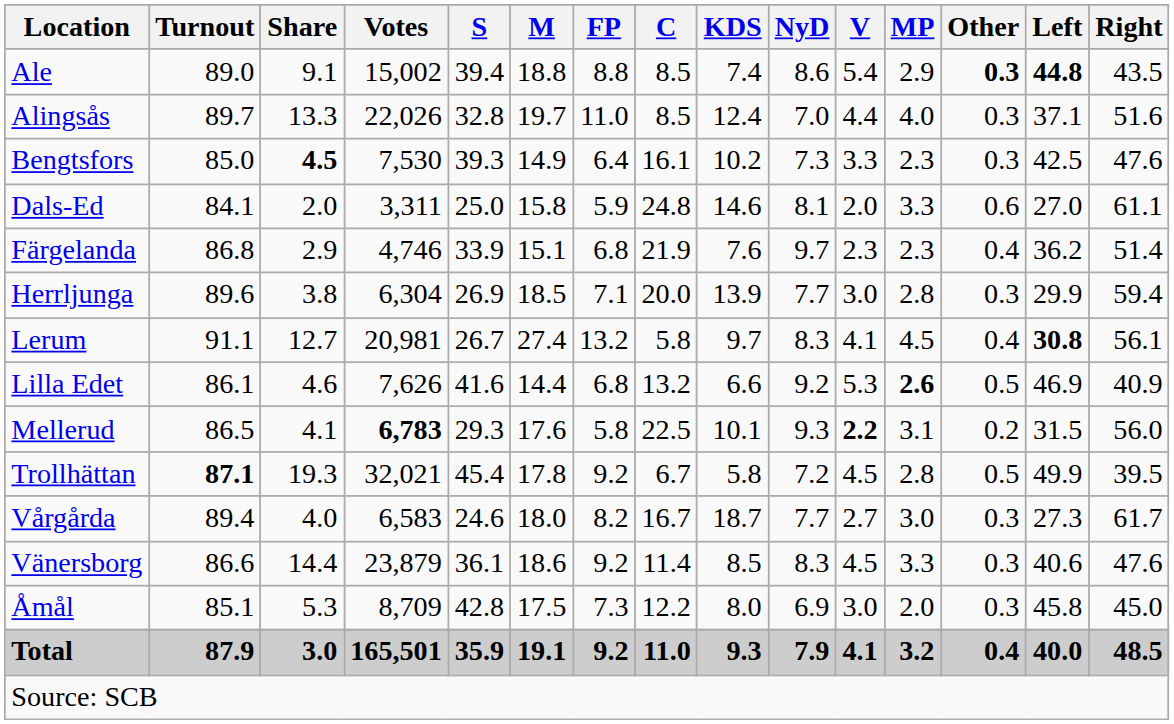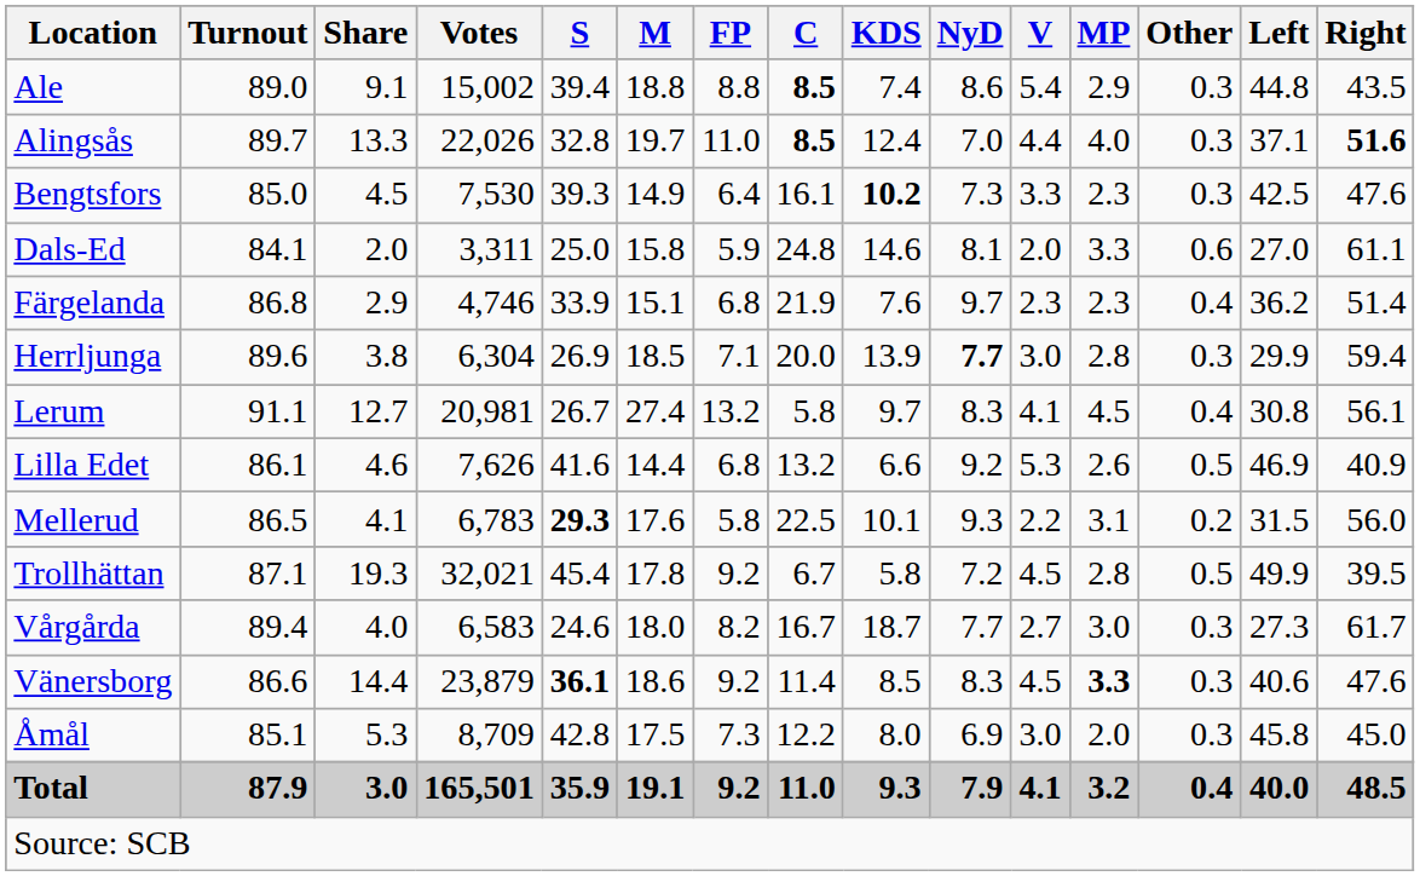 <table class="wikitable sortable" style=text-align:right>
 <tr>
 <th>Location</th>
 <th>Turnout</th>
 <th>Share</th>
 <th>Votes</th>
 <th><a href='#'>S</a></th>
 <th><a href='#'>M</a></th>
 <th><a href='#'>FP</a></th>
 <th><a href='#'>C</a></th>
 <th><a href='#'>KDS</a></th>
 <th><a href='#'>NyD</a></th>
 <th><a href='#'>V</a></th>
 <th><a href='#'>MP</a></th>
 <th>Other</th>
 <th>Left</th>
 <th>Right</th>
 </tr>
 <tr>
 <td align=left><a href='#'>Ale</a></td>
 <td>89.0</td>
 <td>9.1</td>
 <td>15,002</td>
 <td>39.4</td>
 <td>18.8</td>
 <td>8.8</td>
-<td>8.5</td>
+<td><strong>8.5</strong></td>
 <td>7.4</td>
 <td>8.6</td>
 <td>5.4</td>
 <td>2.9</td>
-<td><strong>0.3</strong></td>
-<td><strong>44.8</strong></td>
+<td>0.3</td>
+<td>44.8</td>
 <td>43.5</td>
 </tr>
 <tr>
 <td align=left><a href='#'>Alingsås</a></td>
 <td>89.7</td>
 <td>13.3</td>
 <td>22,026</td>
 <td>32.8</td>
 <td>19.7</td>
 <td>11.0</td>
-<td>8.5</td>
+<td><strong>8.5</strong></td>
 <td>12.4</td>
 <td>7.0</td>
 <td>4.4</td>
 <td>4.0</td>
 <td>0.3</td>
 <td>37.1</td>
-<td>51.6</td>
+<td><strong>51.6</strong></td>
 </tr>
 <tr>
 <td align=left><a href='#'>Bengtsfors</a></td>
 <td>85.0</td>
-<td><strong>4.5</strong></td>
+<td>4.5</td>
 <td>7,530</td>
 <td>39.3</td>
 <td>14.9</td>
 <td>6.4</td>
 <td>16.1</td>
-<td>10.2</td>
+<td><strong>10.2</strong></td>
 <td>7.3</td>
 <td>3.3</td>
 <td>2.3</td>
 <td>0.3</td>
 <td>42.5</td>
 <td>47.6</td>
 </tr>
 <tr>
 <td align=left><a href='#'>Dals-Ed</a></td>
 <td>84.1</td>
 <td>2.0</td>
 <td>3,311</td>
 <td>25.0</td>
 <td>15.8</td>
 <td>5.9</td>
 <td>24.8</td>
 <td>14.6</td>
 <td>8.1</td>
 <td>2.0</td>
 <td>3.3</td>
 <td>0.6</td>
 <td>27.0</td>
 <td>61.1</td>
 </tr>
 <tr>
 <td align=left><a href='#'>Färgelanda</a></td>
 <td>86.8</td>
 <td>2.9</td>
 <td>4,746</td>
 <td>33.9</td>
 <td>15.1</td>
 <td>6.8</td>
 <td>21.9</td>
 <td>7.6</td>
 <td>9.7</td>
 <td>2.3</td>
 <td>2.3</td>
 <td>0.4</td>
 <td>36.2</td>
 <td>51.4</td>
 </tr>
 <tr>
 <td align=left><a href='#'>Herrljunga</a></td>
 <td>89.6</td>
 <td>3.8</td>
 <td>6,304</td>
 <td>26.9</td>
 <td>18.5</td>
 <td>7.1</td>
 <td>20.0</td>
 <td>13.9</td>
-<td>7.7</td>
+<td><strong>7.7</strong></td>
 <td>3.0</td>
 <td>2.8</td>
 <td>0.3</td>
 <td>29.9</td>
 <td>59.4</td>
 </tr>
 <tr>
 <td align=left><a href='#'>Lerum</a></td>
 <td>91.1</td>
 <td>12.7</td>
 <td>20,981</td>
 <td>26.7</td>
 <td>27.4</td>
 <td>13.2</td>
 <td>5.8</td>
 <td>9.7</td>
 <td>8.3</td>
 <td>4.1</td>
 <td>4.5</td>
 <td>0.4</td>
-<td><strong>30.8</strong></td>
+<td>30.8</td>
 <td>56.1</td>
 </tr>
 <tr>
 <td align=left><a href='#'>Lilla Edet</a></td>
 <td>86.1</td>
 <td>4.6</td>
 <td>7,626</td>
 <td>41.6</td>
 <td>14.4</td>
 <td>6.8</td>
 <td>13.2</td>
 <td>6.6</td>
 <td>9.2</td>
 <td>5.3</td>
-<td><strong>2.6</strong></td>
+<td>2.6</td>
 <td>0.5</td>
 <td>46.9</td>
 <td>40.9</td>
 </tr>
 <tr>
 <td align=left><a href='#'>Mellerud</a></td>
 <td>86.5</td>
 <td>4.1</td>
-<td><strong>6,783</strong></td>
-<td>29.3</td>
+<td>6,783</td>
+<td><strong>29.3</strong></td>
 <td>17.6</td>
 <td>5.8</td>
 <td>22.5</td>
 <td>10.1</td>
 <td>9.3</td>
-<td><strong>2.2</strong></td>
+<td>2.2</td>
 <td>3.1</td>
 <td>0.2</td>
 <td>31.5</td>
 <td>56.0</td>
 </tr>
 <tr>
 <td align=left><a href='#'>Trollhättan</a></td>
-<td><strong>87.1</strong></td>
+<td>87.1</td>
 <td>19.3</td>
 <td>32,021</td>
 <td>45.4</td>
 <td>17.8</td>
 <td>9.2</td>
 <td>6.7</td>
 <td>5.8</td>
 <td>7.2</td>
 <td>4.5</td>
 <td>2.8</td>
 <td>0.5</td>
 <td>49.9</td>
 <td>39.5</td>
 </tr>
 <tr>
 <td align=left><a href='#'>Vårgårda</a></td>
 <td>89.4</td>
 <td>4.0</td>
 <td>6,583</td>
 <td>24.6</td>
 <td>18.0</td>
 <td>8.2</td>
 <td>16.7</td>
 <td>18.7</td>
 <td>7.7</td>
 <td>2.7</td>
 <td>3.0</td>
 <td>0.3</td>
 <td>27.3</td>
 <td>61.7</td>
 </tr>
 <tr>
 <td align=left><a href='#'>Vänersborg</a></td>
 <td>86.6</td>
 <td>14.4</td>
 <td>23,879</td>
-<td>36.1</td>
+<td><strong>36.1</strong></td>
 <td>18.6</td>
 <td>9.2</td>
 <td>11.4</td>
 <td>8.5</td>
 <td>8.3</td>
 <td>4.5</td>
-<td>3.3</td>
+<td><strong>3.3</strong></td>
 <td>0.3</td>
 <td>40.6</td>
 <td>47.6</td>
 </tr>
 <tr>
 <td align=left><a href='#'>Åmål</a></td>
 <td>85.1</td>
 <td>5.3</td>
 <td>8,709</td>
 <td>42.8</td>
 <td>17.5</td>
 <td>7.3</td>
 <td>12.2</td>
 <td>8.0</td>
 <td>6.9</td>
 <td>3.0</td>
 <td>2.0</td>
 <td>0.3</td>
 <td>45.8</td>
 <td>45.0</td>
 </tr>
 <tr>
 </tr>
 <tr style="background:#CDCDCD;">
 <td align=left><strong>Total</strong></td>
 <td><strong>87.9</strong></td>
 <td><strong>3.0</strong></td>
 <td><strong>165,501</strong></td>
 <td><strong>35.9</strong></td>
 <td><strong>19.1</strong></td>
 <td><strong>9.2</strong></td>
 <td><strong>11.0</strong></td>
 <td><strong>9.3</strong></td>
 <td><strong>7.9</strong></td>
 <td><strong>4.1</strong></td>
 <td><strong>3.2</strong></td>
 <td><strong>0.4</strong></td>
 <td><strong>40.0</strong></td>
 <td><strong>48.5</strong></td>
 </tr>
 <tr>
 <td align=left colspan=15>Source: SCB </td>
 </tr>
 </table>
